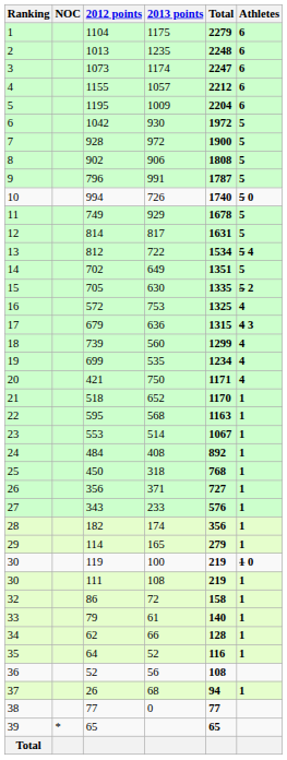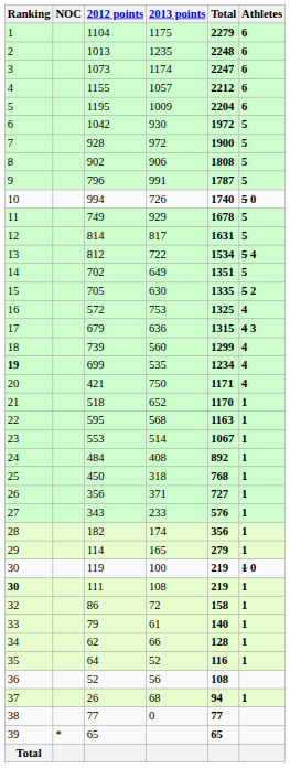 <table class="wikitable sortable">
 <tr>
 <th>Ranking</th>
 <th>NOC</th>
 <th><a href='#'>2012 points</a></th>
 <th><a href='#'>2013 points</a></th>
 <th>Total</th>
 <th>Athletes</th>
 </tr>
 <tr bgcolor=ccffcc>
 <td>1</td>
 <td align=left></td>
 <td>1104</td>
 <td>1175</td>
 <td><strong>2279</strong></td>
 <td><strong>6</strong></td>
 </tr>
 <tr bgcolor=ccffcc>
 <td>2</td>
 <td align=left></td>
 <td>1013</td>
 <td>1235</td>
 <td><strong>2248</strong></td>
 <td><strong>6</strong></td>
 </tr>
 <tr bgcolor=ccffcc>
 <td>3</td>
 <td align=left></td>
 <td>1073</td>
 <td>1174</td>
 <td><strong>2247</strong></td>
 <td><strong>6</strong></td>
 </tr>
 <tr bgcolor=ccffcc>
 <td>4</td>
 <td align=left></td>
 <td>1155</td>
 <td>1057</td>
 <td><strong>2212</strong></td>
 <td><strong>6</strong></td>
 </tr>
 <tr bgcolor=ccffcc>
 <td>5</td>
 <td align=left></td>
 <td>1195</td>
 <td>1009</td>
 <td><strong>2204</strong></td>
 <td><strong>6</strong></td>
 </tr>
 <tr bgcolor=ccffcc>
 <td>6</td>
 <td align=left></td>
 <td>1042</td>
 <td>930</td>
 <td><strong>1972</strong></td>
 <td><strong>5</strong></td>
 </tr>
 <tr bgcolor=ccffcc>
 <td>7</td>
 <td align=left></td>
 <td>928</td>
 <td>972</td>
 <td><strong>1900</strong></td>
 <td><strong>5</strong></td>
 </tr>
 <tr bgcolor=ccffcc>
 <td>8</td>
 <td align=left></td>
 <td>902</td>
 <td>906</td>
 <td><strong>1808</strong></td>
 <td><strong>5</strong></td>
 </tr>
 <tr bgcolor=ccffcc>
 <td>9</td>
 <td align=left></td>
 <td>796</td>
 <td>991</td>
 <td><strong>1787</strong></td>
 <td><strong>5</strong></td>
 </tr>
 <tr>
 <td>10</td>
 <td align=left><s></s></td>
 <td>994</td>
 <td>726</td>
 <td><strong>1740</strong></td>
 <td><s><strong>5</strong></s> <strong>0</strong></td>
 </tr>
 <tr bgcolor=ccffcc>
 <td>11</td>
 <td align=left></td>
 <td>749</td>
 <td>929</td>
 <td><strong>1678</strong></td>
 <td><strong>5</strong></td>
 </tr>
 <tr bgcolor=ccffcc>
 <td>12</td>
 <td align=left></td>
 <td>814</td>
 <td>817</td>
 <td><strong>1631</strong></td>
 <td><strong>5</strong></td>
 </tr>
 <tr bgcolor=ccffcc>
 <td>13</td>
 <td align=left></td>
 <td>812</td>
 <td>722</td>
 <td><strong>1534</strong></td>
 <td><s><strong>5</strong></s> <strong>4</strong></td>
 </tr>
 <tr bgcolor=ccffcc>
 <td>14</td>
 <td align=left></td>
 <td>702</td>
 <td>649</td>
 <td><strong>1351</strong></td>
 <td><strong>5</strong></td>
 </tr>
 <tr bgcolor=ccffcc>
 <td>15</td>
 <td align=left></td>
 <td>705</td>
 <td>630</td>
 <td><strong>1335</strong></td>
 <td><s><strong>5</strong></s> <strong>2</strong></td>
 </tr>
 <tr bgcolor=ccffcc>
 <td>16</td>
 <td align=left></td>
 <td>572</td>
 <td>753</td>
 <td><strong>1325</strong></td>
 <td><strong>4</strong></td>
 </tr>
 <tr bgcolor=ccffcc>
 <td>17</td>
 <td align=left></td>
 <td>679</td>
 <td>636</td>
 <td><strong>1315</strong></td>
 <td><s><strong>4</strong></s> <strong>3</strong></td>
 </tr>
 <tr bgcolor=ccffcc>
 <td>18</td>
 <td align=left></td>
 <td>739</td>
 <td>560</td>
 <td><strong>1299</strong></td>
 <td><strong>4</strong></td>
 </tr>
 <tr bgcolor=ccffcc>
-<td>19</td>
+<td><strong>19</strong></td>
 <td align=left></td>
 <td>699</td>
 <td>535</td>
 <td><strong>1234</strong></td>
 <td><strong>4</strong></td>
 </tr>
 <tr bgcolor=ccffcc>
 <td>20</td>
 <td align=left></td>
 <td>421</td>
 <td>750</td>
 <td><strong>1171</strong></td>
 <td><strong>4</strong></td>
 </tr>
 <tr bgcolor=ccffcc>
 <td>21</td>
 <td align=left></td>
 <td>518</td>
 <td>652</td>
 <td><strong>1170</strong></td>
 <td><strong>1</strong></td>
 </tr>
 <tr bgcolor=ccffcc>
 <td>22</td>
 <td align=left></td>
 <td>595</td>
 <td>568</td>
 <td><strong>1163</strong></td>
 <td><strong>1</strong></td>
 </tr>
 <tr bgcolor=ccffcc>
 <td>23</td>
 <td align=left></td>
 <td>553</td>
 <td>514</td>
 <td><strong>1067</strong></td>
 <td><strong>1</strong></td>
 </tr>
 <tr bgcolor=ccffcc>
 <td>24</td>
 <td align=left></td>
 <td>484</td>
 <td>408</td>
 <td><strong>892</strong></td>
 <td><strong>1</strong></td>
 </tr>
 <tr bgcolor=ccffcc>
 <td>25</td>
 <td align=left></td>
 <td>450</td>
 <td>318</td>
 <td><strong>768</strong></td>
 <td><strong>1</strong></td>
 </tr>
 <tr bgcolor=ccffcc>
 <td>26</td>
 <td align=left></td>
 <td>356</td>
 <td>371</td>
 <td><strong>727</strong></td>
 <td><strong>1</strong></td>
 </tr>
 <tr bgcolor=ccffcc>
 <td>27</td>
 <td align=left></td>
 <td>343</td>
 <td>233</td>
 <td><strong>576</strong></td>
 <td><strong>1</strong></td>
 </tr>
 <tr bgcolor=e5fecc>
 <td>28</td>
 <td align=left></td>
 <td>182</td>
 <td>174</td>
 <td><strong>356</strong></td>
 <td><strong>1</strong></td>
 </tr>
 <tr bgcolor=e5fecc>
 <td>29</td>
 <td align=left></td>
 <td>114</td>
 <td>165</td>
 <td><strong>279</strong></td>
 <td><strong>1</strong></td>
 </tr>
 <tr>
 <td>30</td>
 <td align=left><s></s></td>
 <td>119</td>
 <td>100</td>
 <td><strong>219</strong></td>
 <td><s><strong>1</strong></s> <strong>0</strong></td>
 </tr>
 <tr bgcolor=e5fecc>
-<td>30</td>
+<td><strong>30</strong></td>
 <td align=left></td>
 <td>111</td>
 <td>108</td>
 <td><strong>219</strong></td>
 <td><strong>1</strong></td>
 </tr>
 <tr bgcolor=e5fecc>
 <td>32</td>
 <td align=left></td>
 <td>86</td>
 <td>72</td>
 <td><strong>158</strong></td>
 <td><strong>1</strong></td>
 </tr>
 <tr bgcolor=e5fecc>
 <td>33</td>
 <td align=left></td>
 <td>79</td>
 <td>61</td>
 <td><strong>140</strong></td>
 <td><strong>1</strong></td>
 </tr>
 <tr bgcolor=e5fecc>
 <td>34</td>
 <td align=left></td>
 <td>62</td>
 <td>66</td>
 <td><strong>128</strong></td>
 <td><strong>1</strong></td>
 </tr>
 <tr bgcolor=e5fecc>
 <td>35</td>
 <td align=left></td>
 <td>64</td>
 <td>52</td>
 <td><strong>116</strong></td>
 <td><strong>1</strong></td>
 </tr>
 <tr>
 <td>36</td>
 <td align=left><s></s></td>
 <td>52</td>
 <td>56</td>
 <td><strong>108</strong></td>
 <td></td>
 </tr>
 <tr bgcolor=e5fecc>
 <td>37</td>
 <td align=left></td>
 <td>26</td>
 <td>68</td>
 <td><strong>94</strong></td>
 <td><strong>1</strong></td>
 </tr>
 <tr>
 <td>38</td>
 <td align=left></td>
 <td>77</td>
 <td>0</td>
 <td><strong>77</strong></td>
 <td></td>
 </tr>
 <tr>
 <td>39</td>
 <td align=left>*</td>
 <td>65</td>
 <td></td>
 <td><strong>65</strong></td>
 <td></td>
 </tr>
 <tr>
 <th>Total</th>
 <th></th>
 <th></th>
 <th></th>
 <th></th>
 <th></th>
 </tr>
 </table>
